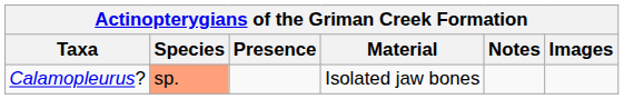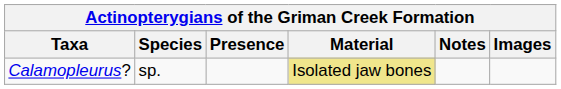 <table class="wikitable" align="center">
 <tr>
 <th colspan="6" align="center"><strong><a href='#'>Actinopterygians</a></strong> of the Griman Creek Formation</th>
 </tr>
 <tr>
 <th>Taxa</th>
 <th>Species</th>
 <th>Presence</th>
 <th>Material</th>
 <th>Notes</th>
 <th>Images</th>
 </tr>
 <tr>
 <td><em><a href='#'>Calamopleurus</a></em>?</td>
-<td style="background: lightsalmon;">sp.</td>
+<td>sp.</td>
 <td></td>
-<td>Isolated jaw bones</td>
+<td style="background: khaki;">Isolated jaw bones</td>
 <td></td>
 <td></td>
 </tr>
 </table>
